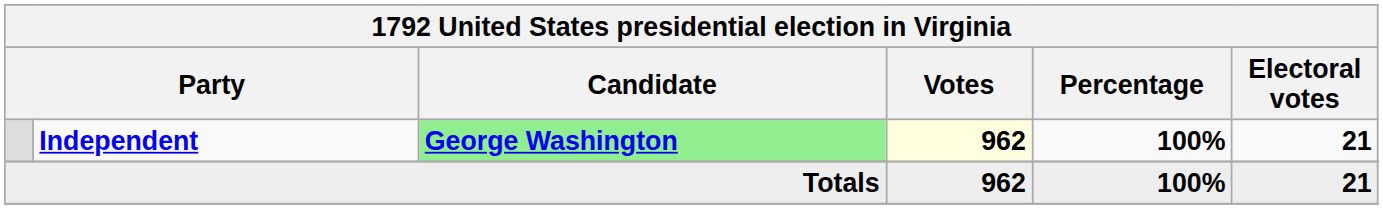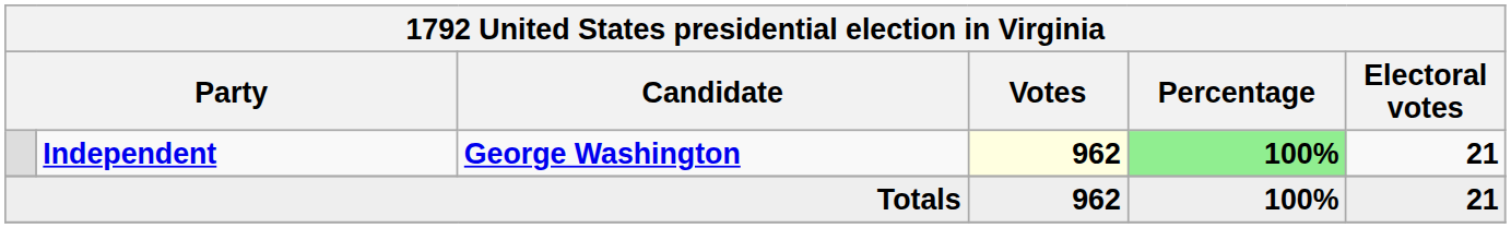 <table class="wikitable" style="font-size: 95%;">
 <tr>
 <th colspan="8">1792 United States presidential election in Virginia</th>
 </tr>
 <tr>
 <th colspan="2" style="width: 15em">Party</th>
 <th style="width: 17em">Candidate</th>
 <th style="width: 5em">Votes</th>
 <th style="width: 7em">Percentage</th>
 <th style="width: 5em">Electoral votes</th>
 </tr>
 <tr>
 <th style="background-color:#DDDDDD; width: 3px"></th>
 <td style="width: 130px"><strong><a href='#'>Independent</a></strong></td>
-<td style="background: lightgreen;"><strong><a href='#'>George Washington</a></strong></td>
+<td><strong><a href='#'>George Washington</a></strong></td>
 <td align="right" style="background: lightyellow;"><strong>962</strong></td>
-<td align="right"><strong>100%</strong></td>
+<td align="right" style="background: lightgreen;"><strong>100%</strong></td>
 <td align="right"><strong>21</strong></td>
 </tr>
 <tr>
 </tr>
 <tr bgcolor="#EEEEEE">
 <td colspan="3" align="right"><strong>Totals</strong></td>
 <td align="right"><strong>962</strong></td>
 <td align="right"><strong>100%</strong></td>
 <td align="right"><strong>21</strong></td>
 </tr>
 <tr>
 </tr>
 </table>
